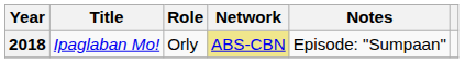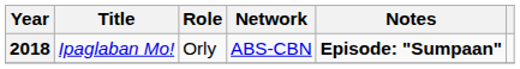 <table class="wikitable sortable plainrowheaders">
 <tr>
 <th scope="col">Year</th>
 <th scope="col">Title</th>
 <th scope="col">Role</th>
 <th scope="col">Network</th>
 <th scope="col">Notes</th>
 <th scope="col" class="unsortable"></th>
 </tr>
 <tr>
 <th scope=row>2018</th>
 <td><em><a href='#'>Ipaglaban Mo!</a></em></td>
 <td>Orly</td>
-<td style="background: khaki;"><a href='#'>ABS-CBN</a></td>
-<td>Episode: "Sumpaan"</td>
+<td><a href='#'>ABS-CBN</a></td>
+<td><strong>Episode: "Sumpaan"</strong></td>
 <td></td>
 </tr>
 <tr>
 </tr>
 </table>
